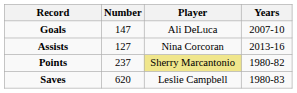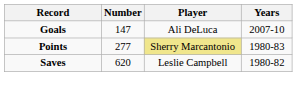 <table class="wikitable">
 <tr>
 <th style="width:140px; ">Record</th>
 <th style="width:35px; ">Number</th>
 <th style="width:140px; ">Player</th>
 <th style="width:70px; ">Years</th>
 </tr>
 <tr style="text-align:center;">
 <td><strong>Goals</strong></td>
 <td>147</td>
 <td>Ali DeLuca</td>
 <td>2007-10</td>
 </tr>
 <tr style="text-align:center;">
-<td><strong>Assists</strong></td>
-<td>127</td>
-<td>Nina Corcoran</td>
-<td>2013-16</td>
-</tr>
-<tr style="text-align:center;">
 <td><strong>Points</strong></td>
-<td>237</td>
+<td>277</td>
 <td style="background: khaki;">Sherry Marcantonio</td>
-<td>1980-82</td>
+<td>1980-83</td>
 </tr>
 <tr style="text-align:center;">
 <td><strong>Saves</strong></td>
 <td>620</td>
 <td>Leslie Campbell</td>
-<td>1980-83</td>
+<td>1980-82</td>
 </tr>
 </table>
